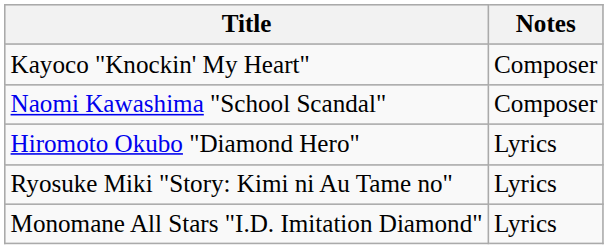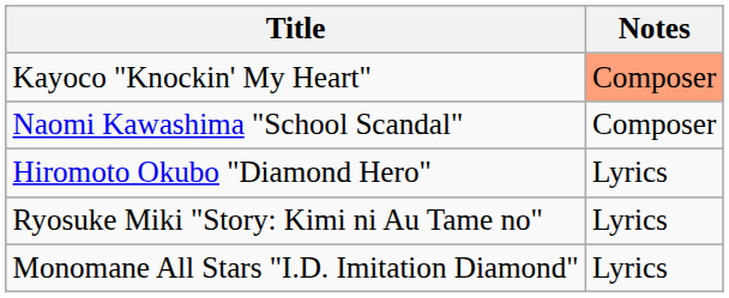 <table class="wikitable">
 <tr>
 <th>Title</th>
 <th>Notes</th>
 </tr>
 <tr>
 <td>Kayoco "Knockin' My Heart"</td>
-<td>Composer</td>
+<td style="background: lightsalmon;">Composer</td>
 </tr>
 <tr>
 <td><a href='#'>Naomi Kawashima</a> "School Scandal"</td>
 <td>Composer</td>
 </tr>
 <tr>
 <td><a href='#'>Hiromoto Okubo</a> "Diamond Hero"</td>
 <td>Lyrics</td>
 </tr>
 <tr>
 <td>Ryosuke Miki "Story: Kimi ni Au Tame no"</td>
 <td>Lyrics</td>
 </tr>
 <tr>
 <td>Monomane All Stars "I.D. Imitation Diamond"</td>
 <td>Lyrics</td>
 </tr>
 </table>
